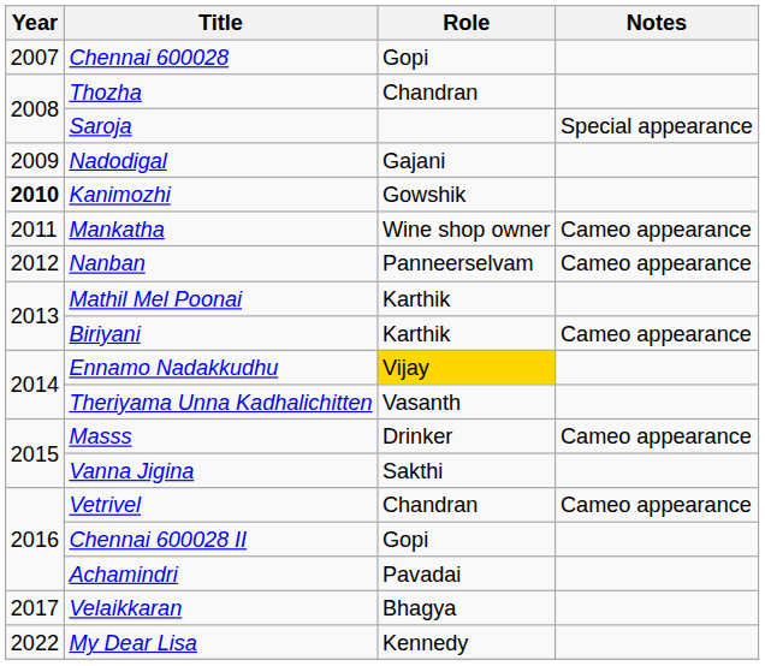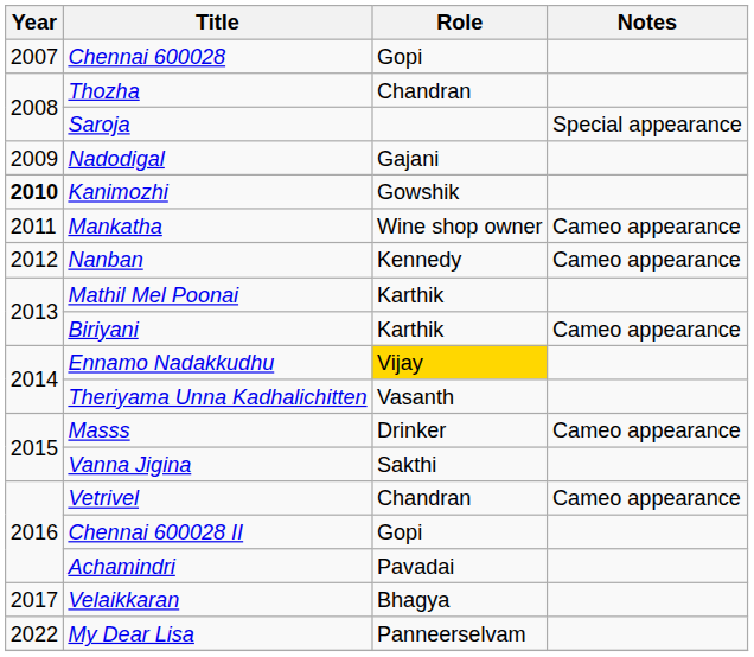 <table class="wikitable" style="font-size: 95%;">
 <tr>
 <th>Year</th>
 <th>Title</th>
 <th>Role</th>
 <th>Notes</th>
 </tr>
 <tr>
 <td>2007</td>
 <td><em><a href='#'>Chennai 600028</a></em></td>
 <td>Gopi</td>
 <td></td>
 </tr>
 <tr>
 <td rowspan="2">2008</td>
 <td><em><a href='#'>Thozha</a></em></td>
 <td>Chandran</td>
 <td></td>
 </tr>
 <tr>
 <td><em><a href='#'>Saroja</a></em></td>
 <td></td>
 <td>Special appearance</td>
 </tr>
 <tr>
 <td>2009</td>
 <td><em><a href='#'>Nadodigal</a></em></td>
 <td>Gajani</td>
 <td></td>
 </tr>
 <tr>
 <td><strong>2010</strong></td>
 <td><em><a href='#'>Kanimozhi</a></em></td>
 <td>Gowshik</td>
 <td></td>
 </tr>
 <tr>
 <td>2011</td>
 <td><em><a href='#'>Mankatha</a></em></td>
 <td>Wine shop owner</td>
 <td>Cameo appearance</td>
 </tr>
 <tr>
 <td rowspan="1">2012</td>
 <td><em><a href='#'>Nanban</a></em></td>
-<td>Panneerselvam</td>
+<td>Kennedy</td>
 <td>Cameo appearance</td>
 </tr>
 <tr>
 <td rowspan="2">2013</td>
 <td><em><a href='#'>Mathil Mel Poonai</a></em></td>
 <td>Karthik</td>
 <td></td>
 </tr>
 <tr>
 <td><em><a href='#'>Biriyani</a></em></td>
 <td>Karthik</td>
 <td>Cameo appearance</td>
 </tr>
 <tr>
 <td rowspan="2">2014</td>
 <td><em><a href='#'>Ennamo Nadakkudhu</a></em></td>
 <td style="background: gold;">Vijay</td>
 <td></td>
 </tr>
 <tr>
 <td><em><a href='#'>Theriyama Unna Kadhalichitten</a></em></td>
 <td>Vasanth</td>
 <td></td>
 </tr>
 <tr>
 <td rowspan="2">2015</td>
 <td><em><a href='#'>Masss</a></em></td>
 <td>Drinker</td>
 <td>Cameo appearance</td>
 </tr>
 <tr>
 <td><em><a href='#'>Vanna Jigina</a></em></td>
 <td>Sakthi</td>
 <td></td>
 </tr>
 <tr>
 <td rowspan="3">2016</td>
 <td><em><a href='#'>Vetrivel</a></em></td>
 <td>Chandran</td>
 <td>Cameo appearance</td>
 </tr>
 <tr>
 <td><em><a href='#'>Chennai 600028 II</a></em></td>
 <td>Gopi</td>
 <td></td>
 </tr>
 <tr>
 <td><em><a href='#'>Achamindri</a></em></td>
 <td>Pavadai</td>
 <td></td>
 </tr>
 <tr>
 <td>2017</td>
 <td><em><a href='#'>Velaikkaran</a></em></td>
 <td>Bhagya</td>
 <td></td>
 </tr>
 <tr>
 <td>2022</td>
 <td><em><a href='#'>My Dear Lisa</a></em></td>
-<td>Kennedy</td>
+<td>Panneerselvam</td>
 <td></td>
 </tr>
 <tr>
 </tr>
 </table>
